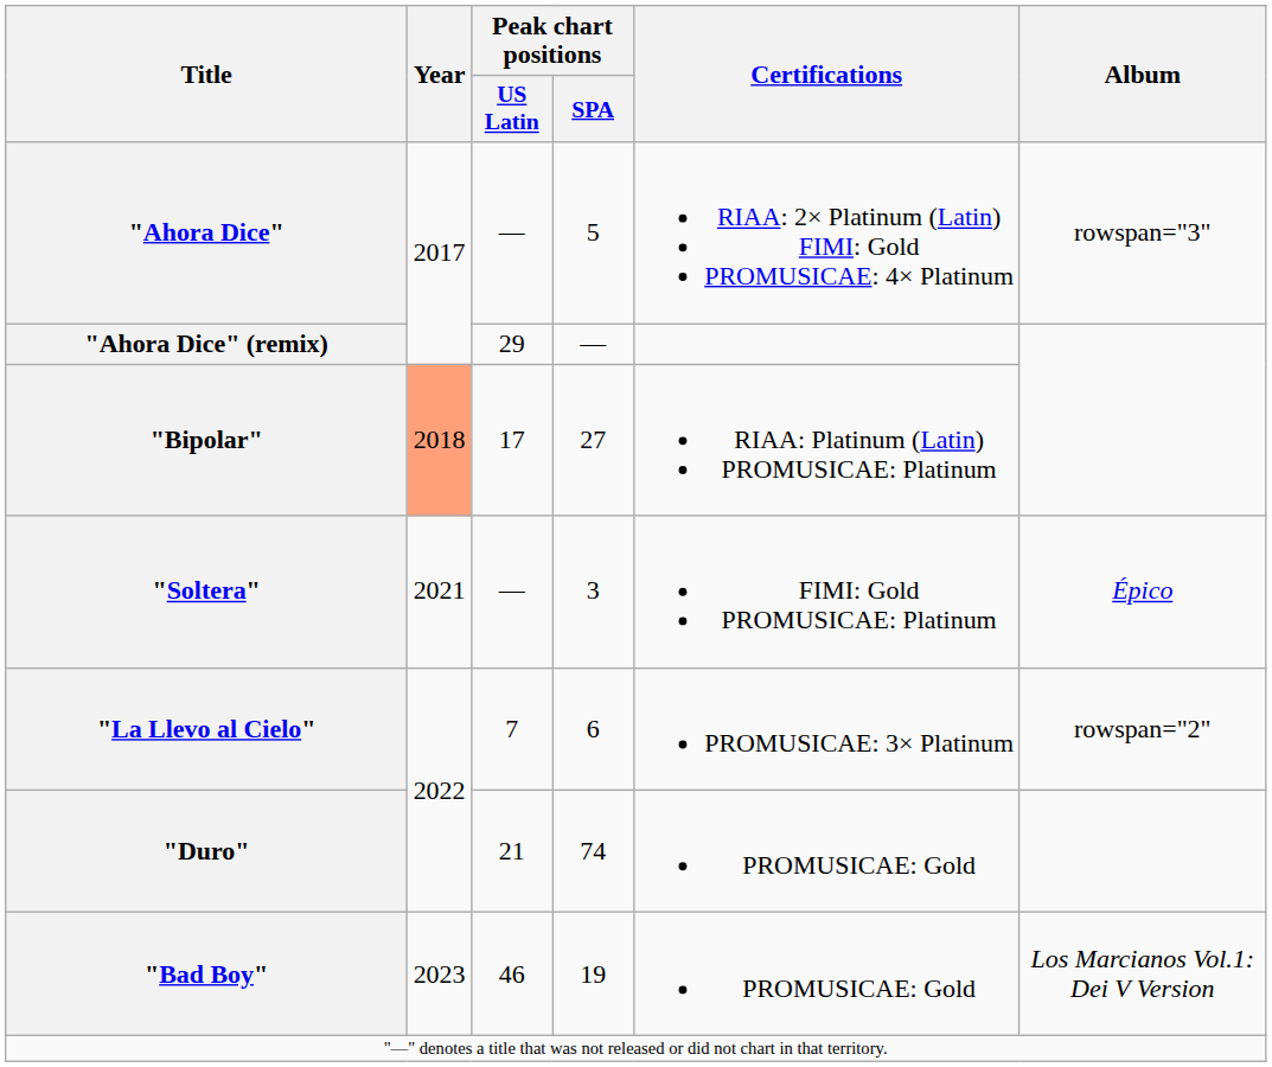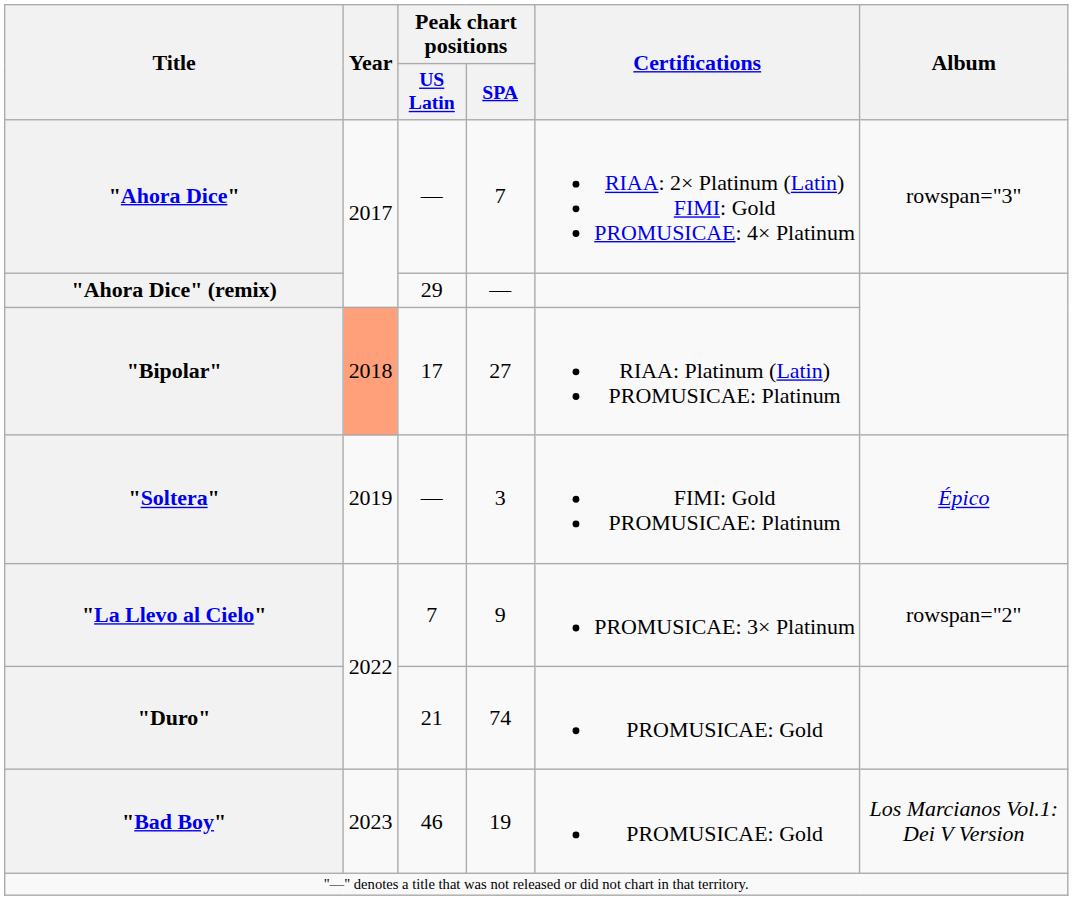 <table class="wikitable plainrowheaders" style="text-align:center;">
 <tr>
 <th scope="col" rowspan="2" style="width:15em;">Title</th>
 <th scope="col" rowspan="2" style="width:1em;">Year</th>
 <th scope="col" colspan="2">Peak chart positions</th>
 <th scope="col" rowspan="2"><a href='#'>Certifications</a></th>
 <th scope="col" rowspan="2" style="width:9em;">Album</th>
 </tr>
 <tr>
 <th scope="col" style="width:3em;font-size:90%;"><a href='#'>US<br>Latin</a><br></th>
 <th scope="col" style="width:3em;font-size:90%;"><a href='#'>SPA</a><br></th>
 </tr>
 <tr>
 <th scope="row">"<a href='#'>Ahora Dice</a>"<br></th>
 <td rowspan="2">2017</td>
 <td>—</td>
-<td>5</td>
+<td>7</td>
 <td><br><ul><li><a href='#'>RIAA</a>: 2× Platinum <span>(<a href='#'>Latin</a>)</span></li><li><a href='#'>FIMI</a>: Gold</li><li><a href='#'>PROMUSICAE</a>: 4× Platinum</li></ul></td>
 <td>rowspan="3" </td>
 </tr>
 <tr>
 <th scope="row">"Ahora Dice" (remix)<br></th>
 <td>29</td>
 <td>—</td>
 <td></td>
 </tr>
 <tr>
 <th scope="row">"Bipolar"<br></th>
 <td style="background: lightsalmon;">2018</td>
 <td>17</td>
 <td>27</td>
 <td><br><ul><li>RIAA: Platinum <span>(<a href='#'>Latin</a>)</span></li><li>PROMUSICAE: Platinum</li></ul></td>
 </tr>
 <tr>
 <th scope="row">"<a href='#'>Soltera</a>"<br></th>
-<td>2021</td>
+<td>2019</td>
 <td>—</td>
 <td>3</td>
 <td><br><ul><li>FIMI: Gold</li><li>PROMUSICAE: Platinum</li></ul></td>
 <td><em><a href='#'>Épico</a></em></td>
 </tr>
 <tr>
 <th scope="row">"<a href='#'>La Llevo al Cielo</a>"<br></th>
 <td rowspan="2">2022</td>
 <td>7</td>
-<td>6</td>
+<td>9</td>
 <td><br><ul><li>PROMUSICAE: 3× Platinum</li></ul></td>
 <td>rowspan="2" </td>
 </tr>
 <tr>
 <th scope="row">"Duro"<br></th>
 <td>21</td>
 <td>74</td>
 <td><br><ul><li>PROMUSICAE: Gold</li></ul></td>
 </tr>
 <tr>
 <th scope="row">"<a href='#'>Bad Boy</a>"<br></th>
 <td rowspan="1">2023</td>
 <td>46</td>
 <td>19</td>
 <td><br><ul><li>PROMUSICAE: Gold</li></ul></td>
 <td><em>Los Marcianos Vol.1: Dei V Version</em></td>
 </tr>
 <tr>
 <td colspan="14" style="font-size:8pt;">"—" denotes a title that was not released or did not chart in that territory.</td>
 </tr>
 </table>
